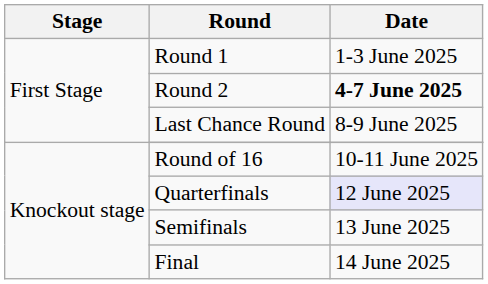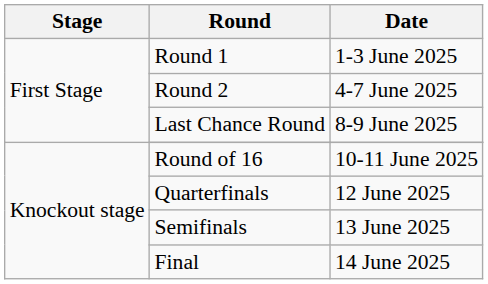 <table class="wikitable">
 <tr>
 <th>Stage</th>
 <th>Round</th>
 <th>Date</th>
 </tr>
 <tr>
 <td rowspan=3>First Stage</td>
 <td>Round 1</td>
 <td>1-3 June 2025</td>
 </tr>
 <tr>
 <td>Round 2</td>
-<td><strong>4-7 June 2025</strong></td>
+<td>4-7 June 2025</td>
 </tr>
 <tr>
 <td>Last Chance Round</td>
 <td>8-9 June 2025</td>
 </tr>
 <tr>
 <td rowspan=6>Knockout stage</td>
 </tr>
 <tr>
 <td>Round of 16</td>
 <td>10-11 June 2025</td>
 </tr>
 <tr>
 <td>Quarterfinals</td>
-<td style="background: lavender;">12 June 2025</td>
+<td>12 June 2025</td>
 </tr>
 <tr>
 <td>Semifinals</td>
 <td>13 June 2025</td>
 </tr>
 <tr>
 <td>Final</td>
 <td>14 June 2025</td>
 </tr>
 </table>
